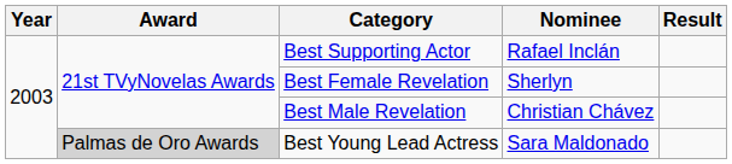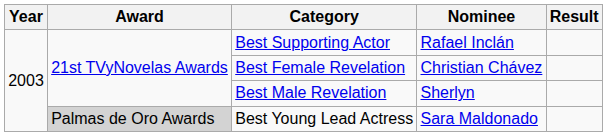 <table class="wikitable">
 <tr style="background:#b0c4de;">
 <th>Year</th>
 <th>Award</th>
 <th>Category</th>
 <th>Nominee</th>
 <th>Result</th>
 </tr>
 <tr>
 <td rowspan=4>2003</td>
 <td rowspan=3><a href='#'>21st TVyNovelas Awards</a></td>
 <td><a href='#'>Best Supporting Actor</a></td>
 <td><a href='#'>Rafael Inclán</a></td>
 <td></td>
 </tr>
 <tr>
 <td><a href='#'>Best Female Revelation</a></td>
-<td><a href='#'>Sherlyn</a></td>
+<td><a href='#'>Christian Chávez</a></td>
 <td></td>
 </tr>
 <tr>
 <td><a href='#'>Best Male Revelation</a></td>
-<td><a href='#'>Christian Chávez</a></td>
+<td><a href='#'>Sherlyn</a></td>
 <td></td>
 </tr>
 <tr>
 <td style="background: lightgrey;">Palmas de Oro Awards</td>
 <td>Best Young Lead Actress</td>
 <td><a href='#'>Sara Maldonado</a></td>
 <td></td>
 </tr>
 </table>
